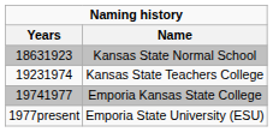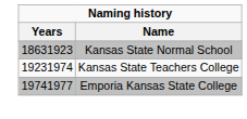 <table class="wikitable" style="float:right; font-size:85%; clear:left; margin:0 0 1em 1em;">
 <tr>
 <td colspan="2" style="text-align:center; font-size:100%; "><strong>Naming history</strong></td>
 </tr>
 <tr>
 <th>Years</th>
 <th>Name</th>
 </tr>
 <tr style="text-align:center; background:silver;">
 <td>18631923</td>
 <td>Kansas State Normal School</td>
 </tr>
 <tr style="text-align:center;">
 <td>19231974</td>
 <td>Kansas State Teachers College</td>
 </tr>
 <tr style="text-align:center; background:silver;">
 <td>19741977</td>
 <td>Emporia Kansas State College</td>
 </tr>
-<tr style="text-align:center;">
-<td>1977present</td>
-<td>Emporia State University (ESU)</td>
-</tr>
 </table>
